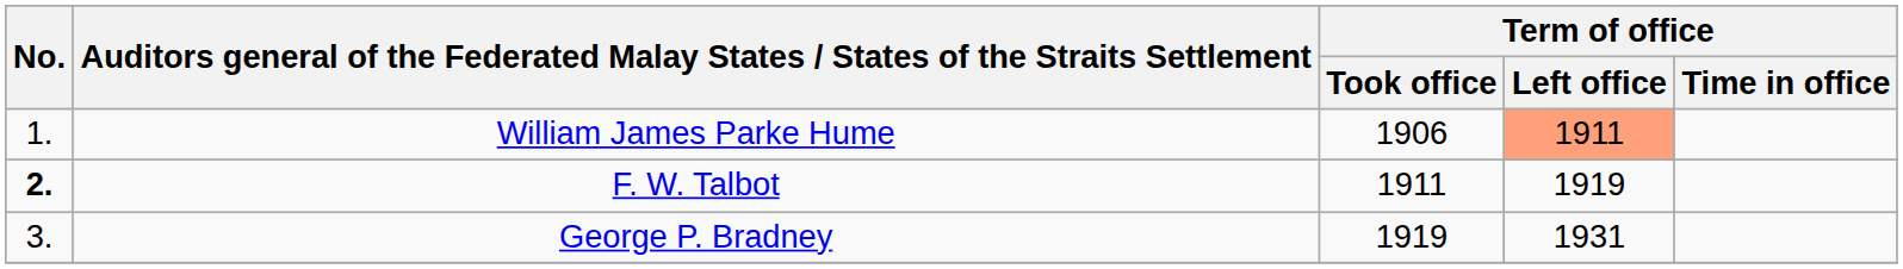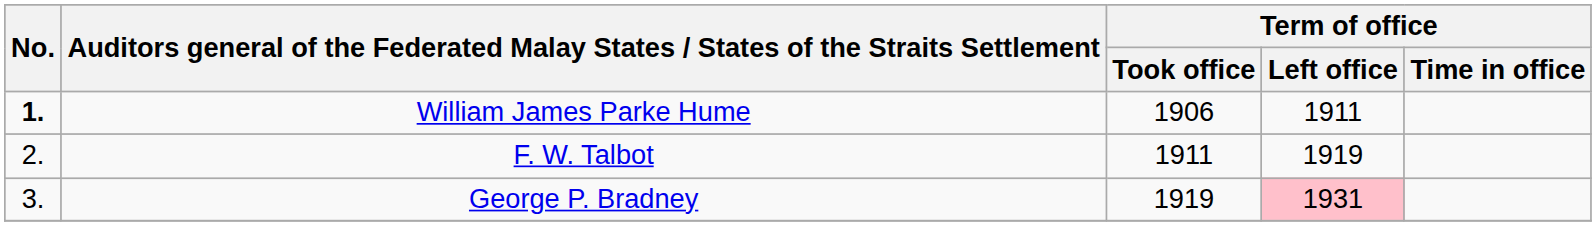 <table class="wikitable" style="text-align:center;">
 <tr style="background:#cccccc">
 <th rowspan=2>No.</th>
 <th rowspan=2>Auditors general of the Federated Malay States / States of the Straits Settlement</th>
 <th colspan=3>Term of office</th>
 </tr>
 <tr>
 <th>Took office</th>
 <th>Left office</th>
 <th>Time in office</th>
 </tr>
 <tr>
-<td>1.</td>
+<td><strong>1.</strong></td>
 <td><a href='#'>William James Parke Hume</a></td>
 <td>1906</td>
-<td style="background: lightsalmon;">1911</td>
+<td>1911</td>
 <td></td>
 </tr>
 <tr>
-<td><strong>2.</strong></td>
+<td>2.</td>
 <td><a href='#'>F. W. Talbot</a></td>
 <td>1911</td>
 <td>1919</td>
 <td></td>
 </tr>
 <tr>
 <td>3.</td>
 <td><a href='#'>George P. Bradney</a></td>
 <td>1919</td>
-<td>1931</td>
+<td style="background: pink;">1931</td>
 <td></td>
 </tr>
 <tr>
 </tr>
 </table>
